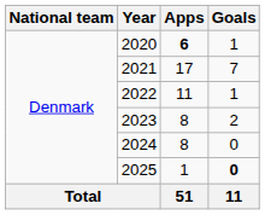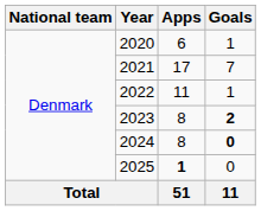 <table class=wikitable style=text-align:center>
 <tr>
 <th>National team</th>
 <th>Year</th>
 <th>Apps</th>
 <th>Goals</th>
 </tr>
 <tr>
 <td rowspan="6"><a href='#'>Denmark</a></td>
 <td>2020</td>
-<td><strong>6</strong></td>
+<td>6</td>
 <td>1</td>
 </tr>
 <tr>
 <td>2021</td>
 <td>17</td>
 <td>7</td>
 </tr>
 <tr>
 <td>2022</td>
 <td>11</td>
 <td>1</td>
 </tr>
 <tr>
 <td>2023</td>
 <td>8</td>
-<td>2</td>
+<td><strong>2</strong></td>
 </tr>
 <tr>
 <td>2024</td>
 <td>8</td>
-<td>0</td>
+<td><strong>0</strong></td>
 </tr>
 <tr>
 <td>2025</td>
-<td>1</td>
-<td><strong>0</strong></td>
+<td><strong>1</strong></td>
+<td>0</td>
 </tr>
 <tr>
 <th colspan="2">Total</th>
 <th>51</th>
 <th>11</th>
 </tr>
 </table>
